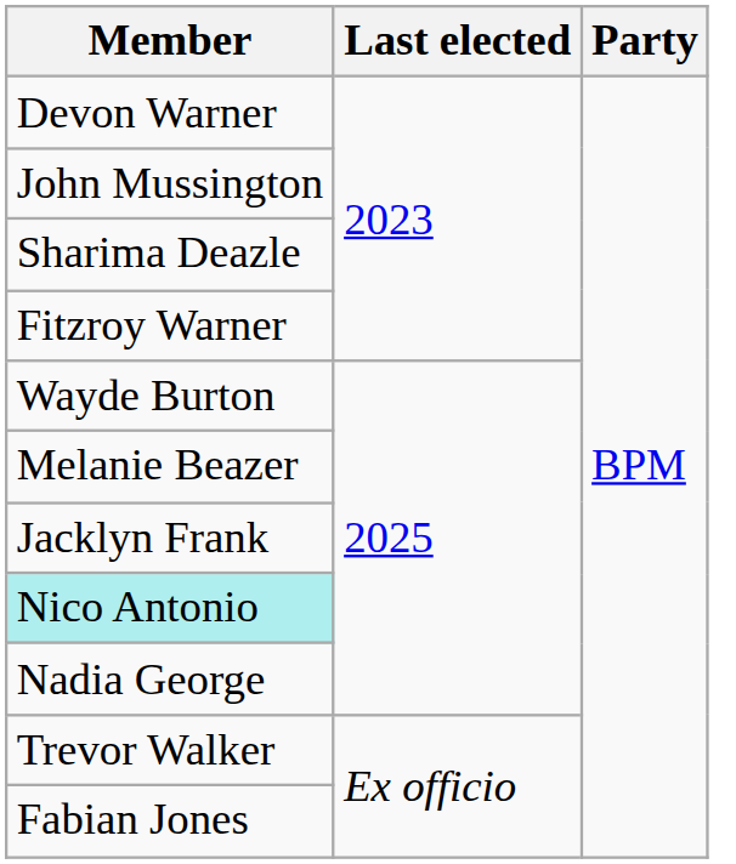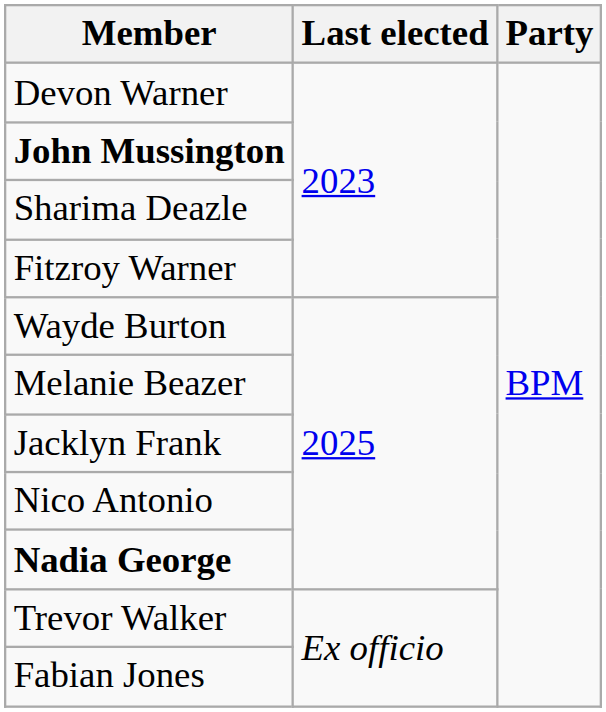 <table class="wikitable">
 <tr>
 <th>Member</th>
 <th>Last elected</th>
 <th>Party</th>
 </tr>
 <tr>
 <td>Devon Warner</td>
 <td rowspan="4"><a href='#'>2023</a></td>
 <td rowspan="11"><a href='#'>BPM</a></td>
 </tr>
 <tr>
-<td>John Mussington</td>
+<td><strong>John Mussington</strong></td>
 </tr>
 <tr>
 <td>Sharima Deazle</td>
 </tr>
 <tr>
 <td>Fitzroy Warner</td>
 </tr>
 <tr>
 <td>Wayde Burton</td>
 <td rowspan="5"><a href='#'>2025</a></td>
 </tr>
 <tr>
 <td>Melanie Beazer</td>
 </tr>
 <tr>
 <td>Jacklyn Frank</td>
 </tr>
 <tr>
-<td style="background: paleturquoise;">Nico Antonio</td>
+<td>Nico Antonio</td>
 </tr>
 <tr>
-<td>Nadia George</td>
+<td><strong>Nadia George</strong></td>
 </tr>
 <tr>
 <td>Trevor Walker</td>
 <td rowspan="2"><em>Ex officio</em></td>
 </tr>
 <tr>
 <td>Fabian Jones</td>
 </tr>
 </table>
